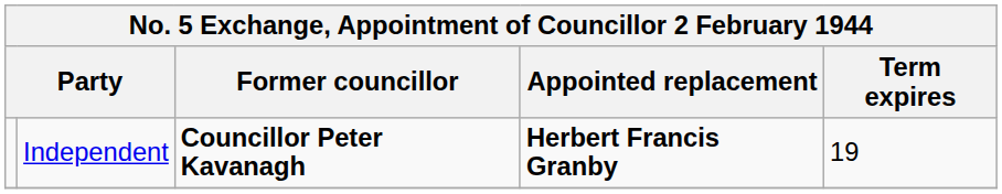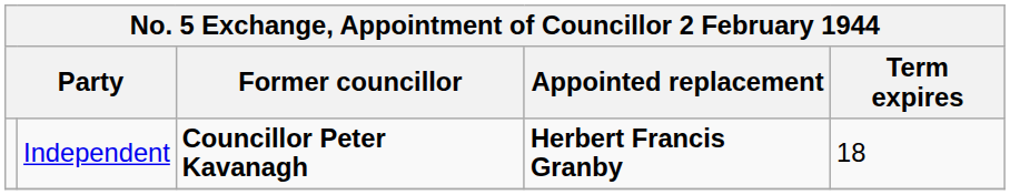 <table class="wikitable">
 <tr>
 <th colspan="5"><strong>No. 5 Exchange, Appointment of Councillor 2 February 1944</strong></th>
 </tr>
 <tr>
 <th colspan="2">Party</th>
 <th>Former councillor</th>
 <th>Appointed replacement</th>
 <th>Term expires</th>
 </tr>
 <tr>
 <td style="background-color:"></td>
 <td><a href='#'>Independent</a></td>
 <td><strong>Councillor Peter Kavanagh</strong></td>
 <td><strong>Herbert Francis Granby</strong></td>
-<td>19</td>
+<td>18</td>
 </tr>
 <tr>
 </tr>
 </table>
